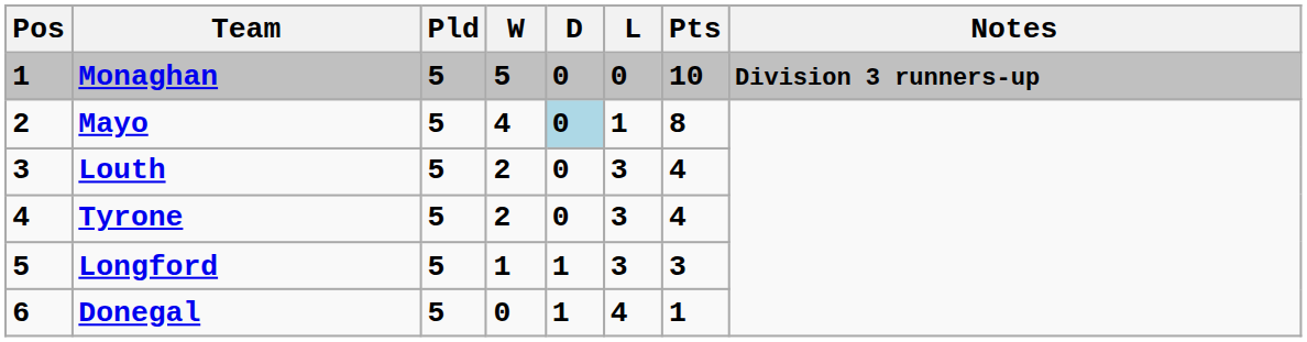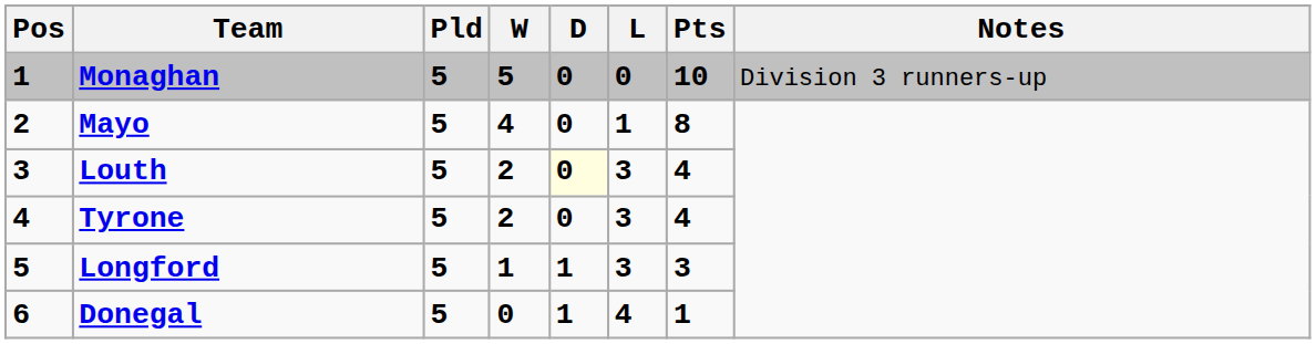 <table class="wikitable" style="text-align: centre;">
 <tr>
 <th width=20>Pos</th>
 <th width=150>Team</th>
 <th width=20>Pld</th>
 <th width=20>W</th>
 <th width=20>D</th>
 <th width=20>L</th>
 <th width=20>Pts</th>
 <th width=250>Notes</th>
 </tr>
 <tr style="background:silver;">
 <td><strong>1</strong></td>
 <td align=left><strong> <a href='#'>Monaghan</a> </strong></td>
 <td><strong>5</strong></td>
 <td><strong>5</strong></td>
 <td><strong>0</strong></td>
 <td><strong>0</strong></td>
 <td><strong>10</strong></td>
-<td><strong><small>Division 3 runners-up</small></strong></td>
+<td><small>Division 3 runners-up</small></td>
 </tr>
 <tr>
 <td><strong>2</strong></td>
 <td align=left><strong> <a href='#'>Mayo</a> </strong></td>
 <td><strong>5</strong></td>
 <td><strong>4</strong></td>
-<td style="background: lightblue;"><strong>0</strong></td>
+<td><strong>0</strong></td>
 <td><strong>1</strong></td>
 <td><strong>8</strong></td>
 </tr>
 <tr>
 <td><strong>3</strong></td>
 <td align=left><strong> <a href='#'>Louth</a> </strong></td>
 <td><strong>5</strong></td>
 <td><strong>2</strong></td>
-<td><strong>0</strong></td>
+<td style="background: lightyellow;"><strong>0</strong></td>
 <td><strong>3</strong></td>
 <td><strong>4</strong></td>
 </tr>
 <tr>
 <td><strong>4</strong></td>
 <td align=left><strong> <a href='#'>Tyrone</a> </strong></td>
 <td><strong>5</strong></td>
 <td><strong>2</strong></td>
 <td><strong>0</strong></td>
 <td><strong>3</strong></td>
 <td><strong>4</strong></td>
 </tr>
 <tr>
 <td><strong>5</strong></td>
 <td align=left><strong> <a href='#'>Longford</a> </strong></td>
 <td><strong>5</strong></td>
 <td><strong>1</strong></td>
 <td><strong>1</strong></td>
 <td><strong>3</strong></td>
 <td><strong>3</strong></td>
 </tr>
 <tr>
 <td><strong>6</strong></td>
 <td align=left><strong> <a href='#'>Donegal</a> </strong></td>
 <td><strong>5</strong></td>
 <td><strong>0</strong></td>
 <td><strong>1</strong></td>
 <td><strong>4</strong></td>
 <td><strong>1</strong></td>
 </tr>
 </table>
